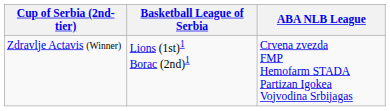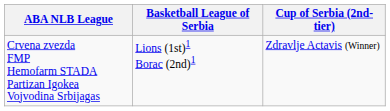 <table class=wikitable width=60%>
 <tr>
+<th width=13%><a href='#'>ABA NLB League</a></th>
+<th width=13%><a href='#'>Basketball League of Serbia</a></th>
 <th width=13%><a href='#'>Cup of Serbia (2nd-tier)</a></th>
-<th width=13%><a href='#'>Basketball League of Serbia</a></th>
-<th width=13%><a href='#'>ABA NLB League</a></th>
 </tr>
 <tr valign=top>
+<td><a href='#'>Crvena zvezda</a><br><a href='#'>FMP</a><br><a href='#'>Hemofarm STADA</a><br><a href='#'>Partizan Igokea</a><br><a href='#'>Vojvodina Srbijagas</a></td>
+<td><a href='#'>Lions</a> (1st)<sup><a href='#'>1</a></sup><br><a href='#'>Borac</a> (2nd)<sup><a href='#'>1</a></sup></td>
 <td><a href='#'>Zdravlje Actavis</a> <small>(Winner)</small></td>
-<td><a href='#'>Lions</a> (1st)<sup><a href='#'>1</a></sup><br><a href='#'>Borac</a> (2nd)<sup><a href='#'>1</a></sup></td>
-<td><a href='#'>Crvena zvezda</a><br><a href='#'>FMP</a><br><a href='#'>Hemofarm STADA</a><br><a href='#'>Partizan Igokea</a><br><a href='#'>Vojvodina Srbijagas</a></td>
 </tr>
 </table>
